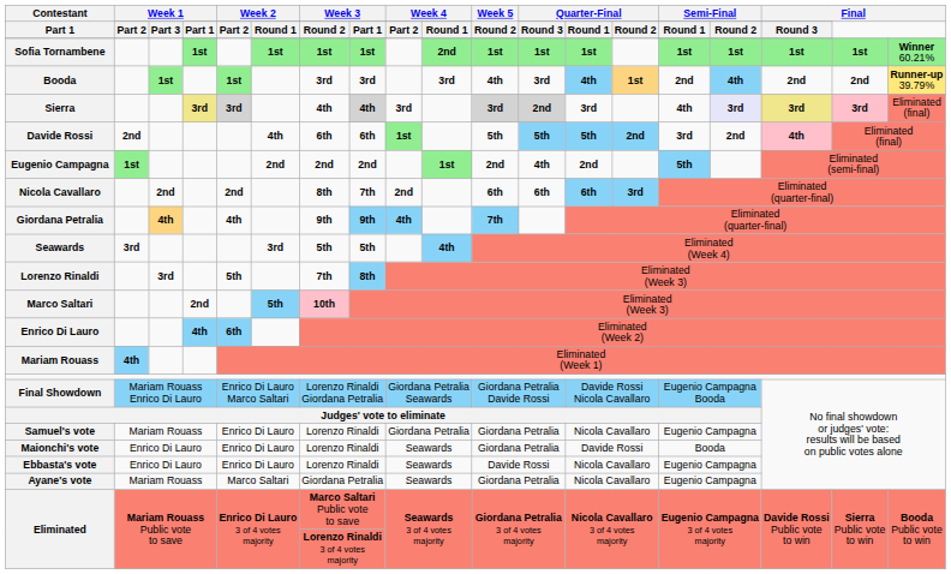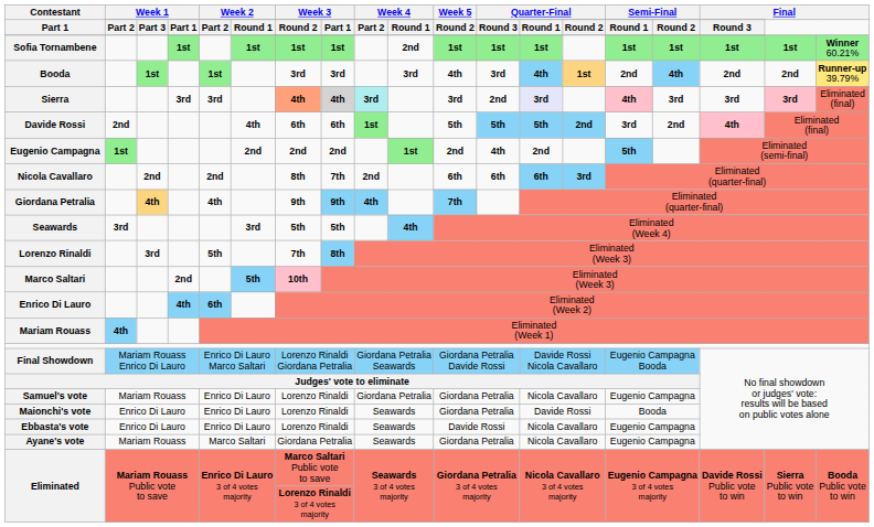 <table class="wikitable" style="text-align:center; font-size:85%">
 <tr>
 <th rowspan="2" style="width:10em;">Contestant</th>
 <th colspan="3"><a href='#'>Week 1</a></th>
 <th colspan="2"><a href='#'>Week 2</a></th>
 <th colspan="2"><a href='#'>Week 3</a></th>
 <th colspan="2"><a href='#'>Week 4</a></th>
 <th colspan="1" rowspan="2"><a href='#'>Week 5</a></th>
 <th colspan="3"><a href='#'>Quarter-Final</a></th>
 <th colspan="2"><a href='#'>Semi-Final</a></th>
 <th colspan="3"><a href='#'>Final</a></th>
 </tr>
 <tr>
 </tr>
 <tr>
 <th>Part 1</th>
 <th>Part 2</th>
 <th>Part 3</th>
 <th>Part 1</th>
 <th>Part 2</th>
 <th>Round 1</th>
 <th>Round 2</th>
 <th>Part 1</th>
 <th>Part 2</th>
 <th>Round 1</th>
 <th>Round 2</th>
 <th>Round 3</th>
 <th>Round 1</th>
 <th>Round 2</th>
 <th>Round 1</th>
 <th>Round 2</th>
 <th>Round 3</th>
 </tr>
 <tr>
 </tr>
 <tr>
 <th>Sofia Tornambene</th>
 <td></td>
 <td></td>
 <td style="background:lightgreen"><strong>1st</strong></td>
 <td></td>
 <td style="background:lightgreen"><strong>1st</strong></td>
 <td style="background:lightgreen"><strong>1st</strong></td>
 <td style="background:lightgreen"><strong>1st</strong></td>
 <td></td>
-<td style="background: lightgreen;"><strong>2nd</strong></td>
+<td><strong>2nd</strong></td>
 <td style="background:lightgreen"><strong>1st</strong></td>
 <td style="background:lightgreen"><strong>1st</strong></td>
 <td style="background:lightgreen"><strong>1st</strong></td>
 <td></td>
 <td style="background:lightgreen"><strong>1st</strong></td>
 <td style="background:lightgreen"><strong>1st</strong></td>
 <td style="background:lightgreen"><strong>1st</strong></td>
 <td style="background:lightgreen"><strong>1st</strong></td>
 <td style="background:lightgreen"><strong>Winner</strong><br>60.21%</td>
 </tr>
 <tr>
 <th>Booda</th>
 <td></td>
 <td style="background:lightgreen"><strong>1st</strong></td>
 <td></td>
 <td style="background:lightgreen"><strong>1st</strong></td>
 <td></td>
 <td><strong>3rd</strong></td>
 <td><strong>3rd</strong></td>
 <td></td>
 <td><strong>3rd</strong></td>
 <td><strong>4th</strong></td>
 <td><strong>3rd</strong></td>
 <td bgcolor=#87D3F8><strong>4th</strong></td>
 <td bgcolor=fdd581><strong>1st</strong></td>
 <td><strong>2nd</strong></td>
 <td bgcolor=87D3F8><strong>4th</strong></td>
 <td><strong>2nd</strong></td>
 <td><strong>2nd</strong></td>
 <td style="background:#FFE87C"><strong>Runner-up</strong><br>39.79%</td>
 </tr>
 <tr>
 <th>Sierra</th>
 <td></td>
 <td></td>
-<td style="background: khaki;"><strong>3rd</strong></td>
-<td style="background: lightgrey;"><strong>3rd</strong></td>
-<td></td>
-<td><strong>4th</strong></td>
-<td style="background: lightgrey;"><strong>4th</strong></td>
+<td><strong>3rd</strong></td>
 <td><strong>3rd</strong></td>
 <td></td>
-<td style="background: lightgrey;"><strong>3rd</strong></td>
-<td style="background: lightgrey;"><strong>2nd</strong></td>
+<td style="background: lightsalmon;"><strong>4th</strong></td>
+<td style="background: lightgrey;"><strong>4th</strong></td>
+<td style="background: paleturquoise;"><strong>3rd</strong></td>
+<td></td>
 <td><strong>3rd</strong></td>
+<td><strong>2nd</strong></td>
+<td style="background: lavender;"><strong>3rd</strong></td>
 <td></td>
-<td><strong>4th</strong></td>
-<td style="background: lavender;"><strong>3rd</strong></td>
-<td style="background: khaki;"><strong>3rd</strong></td>
+<td style="background: pink;"><strong>4th</strong></td>
+<td><strong>3rd</strong></td>
+<td><strong>3rd</strong></td>
 <td bgcolor=pink><strong>3rd</strong></td>
 <td style="background:#FA8072" colspan=12>Eliminated<br>(final)</td>
 </tr>
 <tr>
 <th>Davide Rossi</th>
 <td><strong>2nd</strong></td>
 <td></td>
 <td></td>
 <td></td>
 <td><strong>4th</strong></td>
 <td><strong>6th</strong></td>
 <td><strong>6th</strong></td>
 <td style="background:lightgreen"><strong>1st</strong></td>
 <td></td>
 <td><strong>5th</strong></td>
 <td bgcolor=87D3F8><strong>5th</strong></td>
 <td bgcolor=#87D3F8><strong>5th</strong></td>
 <td bgcolor=87D3F8><strong>2nd</strong></td>
 <td><strong>3rd</strong></td>
 <td><strong>2nd</strong></td>
 <td bgcolor=pink><strong>4th</strong></td>
 <td style="background:#FA8072" colspan=12>Eliminated<br>(final)</td>
 </tr>
 <tr>
 <th>Eugenio Campagna</th>
 <td style="background:lightgreen"><strong>1st</strong></td>
 <td></td>
 <td></td>
 <td></td>
 <td><strong>2nd</strong></td>
 <td><strong>2nd</strong></td>
 <td><strong>2nd</strong></td>
 <td></td>
 <td style="background:lightgreen"><strong>1st</strong></td>
 <td><strong>2nd</strong></td>
 <td><strong>4th</strong></td>
 <td><strong>2nd</strong></td>
 <td></td>
 <td bgcolor=87D3F8><strong>5th</strong></td>
 <td></td>
 <td style="background:#FA8072" colspan=12>Eliminated<br>(semi-final)</td>
 </tr>
 <tr>
 <th>Nicola Cavallaro</th>
 <td></td>
 <td><strong>2nd</strong></td>
 <td></td>
 <td><strong>2nd</strong></td>
 <td></td>
 <td><strong>8th</strong></td>
 <td><strong>7th</strong></td>
 <td><strong>2nd</strong></td>
 <td></td>
 <td><strong>6th</strong></td>
 <td><strong>6th</strong></td>
 <td bgcolor=#87D3F8><strong>6th</strong></td>
 <td bgcolor=#87D3F8><strong>3rd</strong></td>
 <td style="background:#FA8072" colspan=12>Eliminated<br>(quarter-final)</td>
 </tr>
 <tr>
 <th>Giordana Petralia</th>
 <td></td>
 <td bgcolor=fdd581><strong>4th</strong></td>
 <td></td>
 <td><strong>4th</strong></td>
 <td></td>
 <td><strong>9th</strong></td>
 <td bgcolor=#87D3F8><strong>9th</strong></td>
 <td bgcolor=#87D3F8><strong>4th</strong></td>
 <td></td>
 <td bgcolor=#87D3F8><strong>7th</strong></td>
 <td></td>
 <td style="background:#FA8072" colspan=12>Eliminated<br>(quarter-final)</td>
 </tr>
 <tr>
 <th>Seawards</th>
 <td><strong>3rd</strong></td>
 <td></td>
 <td></td>
 <td></td>
 <td><strong>3rd</strong></td>
 <td><strong>5th</strong></td>
 <td><strong>5th</strong></td>
 <td></td>
 <td bgcolor=#87D3F8><strong>4th</strong></td>
 <td style="background:#FA8072" colspan=12>Eliminated<br>(Week 4)</td>
 </tr>
 <tr>
 <th>Lorenzo Rinaldi</th>
 <td></td>
 <td><strong>3rd</strong></td>
 <td></td>
 <td><strong>5th</strong></td>
 <td></td>
 <td><strong>7th</strong></td>
 <td bgcolor=87D3F8><strong>8th</strong></td>
 <td style="background:#FA8072" colspan=13>Eliminated<br>(Week 3)</td>
 </tr>
 <tr>
 <th>Marco Saltari</th>
 <td></td>
 <td></td>
 <td><strong>2nd</strong></td>
 <td></td>
 <td bgcolor=87D3F8><strong>5th</strong></td>
 <td bgcolor=pink><strong>10th</strong></td>
 <td style="background:#FA8072" colspan=14>Eliminated<br>(Week 3)</td>
 </tr>
 <tr>
 <th>Enrico Di Lauro</th>
 <td></td>
 <td></td>
 <td bgcolor=87D3F8><strong>4th</strong></td>
 <td bgcolor=87D3F8><strong>6th</strong></td>
 <td></td>
 <td style="background:#FA8072" colspan=15>Eliminated<br>(Week 2)</td>
 </tr>
 <tr>
 <th>Mariam Rouass</th>
 <td bgcolor=87D3F8><strong>4th</strong></td>
 <td></td>
 <td></td>
 <td style="background:#FA8072" colspan=16>Eliminated<br>(Week 1)</td>
 </tr>
 <tr>
 <td colspan="20"></td>
 </tr>
 <tr>
 <th colspan="1">Final Showdown</th>
 <td colspan="3" style="background:#87D3F8">Mariam Rouass<br>Enrico Di Lauro</td>
 <td colspan="2" style="background:#87D3F8">Enrico Di Lauro<br>Marco Saltari</td>
 <td colspan="2" style="background:#87D3F8">Lorenzo Rinaldi<br>Giordana Petralia</td>
 <td colspan="2" style="background:#87D3F8">Giordana Petralia<br>Seawards</td>
 <td colspan="2" style="background:#87D3F8">Giordana Petralia<br>Davide Rossi</td>
 <td colspan="2" style="background:#87D3F8">Davide Rossi<br>Nicola Cavallaro</td>
 <td colspan="2" style="background:#87D3F8">Eugenio Campagna<br>Booda</td>
 <td rowspan="6" colspan="3">No final showdown<br>or judges' vote:<br>results will be based<br>on public votes alone</td>
 </tr>
 <tr>
 <th colspan="16">Judges' vote to eliminate</th>
 </tr>
 <tr>
 <th>Samuel's vote</th>
 <td colspan="3">Mariam Rouass</td>
 <td colspan="2">Enrico Di Lauro</td>
 <td colspan="2">Lorenzo Rinaldi</td>
 <td colspan="2">Giordana Petralia</td>
 <td colspan="2">Giordana Petralia</td>
 <td colspan="2">Nicola Cavallaro</td>
 <td colspan="2">Eugenio Campagna</td>
 </tr>
 <tr>
 <th>Maionchi's vote</th>
 <td colspan="3">Enrico Di Lauro</td>
 <td colspan="2">Enrico Di Lauro</td>
 <td colspan="2">Lorenzo Rinaldi</td>
 <td colspan="2">Seawards</td>
 <td colspan="2">Giordana Petralia</td>
 <td colspan="2">Davide Rossi</td>
 <td colspan="2">Booda</td>
 </tr>
 <tr>
 <th>Ebbasta's vote</th>
 <td colspan="3">Enrico Di Lauro</td>
 <td colspan="2">Enrico Di Lauro</td>
 <td colspan="2">Lorenzo Rinaldi</td>
 <td colspan="2">Seawards</td>
 <td colspan="2">Davide Rossi</td>
 <td colspan="2">Nicola Cavallaro</td>
 <td colspan="2">Eugenio Campagna</td>
 </tr>
 <tr>
 <th>Ayane's vote</th>
 <td colspan="3">Mariam Rouass</td>
 <td colspan="2">Marco Saltari</td>
 <td colspan="2">Giordana Petralia</td>
 <td colspan="2">Seawards</td>
 <td colspan="2">Giordana Petralia</td>
 <td colspan="2">Nicola Cavallaro</td>
 <td colspan="2">Eugenio Campagna</td>
 </tr>
 <tr>
 <th rowspan=2 colspan=1>Eliminated</th>
 <td style="background:salmon;" rowspan=2 colspan=3><strong>Mariam Rouass</strong><br>Public vote<br>to save</td>
 <td style="background:salmon;" rowspan=2 colspan=2><strong>Enrico Di Lauro</strong><br><small>3 of 4 votes<br>majority</small></td>
 <td colspan="2" style="background:salmon;"><strong>Marco Saltari</strong><br>Public vote<br>to save</td>
 <td style="background:salmon;" colspan=2 rowspan=2><strong>Seawards</strong><br><small>3 of 4 votes<br>majority</small></td>
 <td style="background:salmon;" rowspan=2 colspan=2><strong>Giordana Petralia</strong><br><small>3 of 4 votes<br>majority</small></td>
 <td style="background:salmon;" rowspan=2 colspan=2><strong>Nicola Cavallaro</strong><br><small>3 of 4 votes<br>majority</small></td>
 <td style="background:salmon;" colspan=2 rowspan=2><strong>Eugenio Campagna</strong><br><small>3 of 4 votes<br>majority</small></td>
 <td style="background:#FA8072" rowspan=2><strong>Davide Rossi</strong><br>Public vote<br>to win</td>
 <td style="background:#FA8072" rowspan=2><strong>Sierra</strong><br>Public vote<br>to win</td>
 <td style="background:#FA8072" rowspan=2><strong>Booda</strong><br>Public vote<br>to win</td>
 </tr>
 <tr>
 <td style="background:salmon;" colspan=2><strong>Lorenzo Rinaldi</strong><br><small>3 of 4 votes<br>majority</small></td>
 </tr>
 </table>
